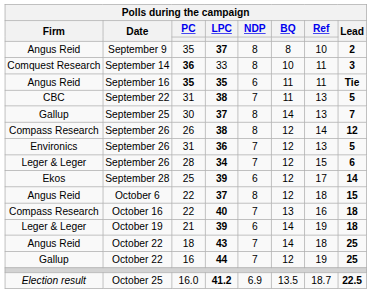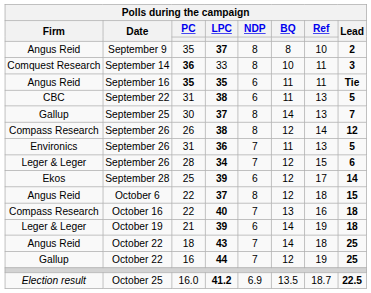 <table class="wikitable sortable" style="float:right;margin:0 15px;text-align:center;font-size:90%;line-height:16px">
 <tr>
 <th colspan=8>Polls during the campaign</th>
 </tr>
 <tr>
 <th rowspan=2>Firm</th>
 <th rowspan=2>Date</th>
 <th class="unsortable" style="width:40px;"><a href='#'>PC</a></th>
 <th class="unsortable" style="width:40px;"><a href='#'>LPC</a></th>
 <th class="unsortable" style="width:40px;"><a href='#'>NDP</a></th>
 <th class="unsortable" style="width:40px;"><a href='#'>BQ</a></th>
 <th class="unsortable" style="width:40px;"><a href='#'>Ref</a></th>
 <th rowspan=2>Lead</th>
 </tr>
 <tr>
 <th style="background:"></th>
 <th style="background:"></th>
 <th style="background:"></th>
 <th style="background:"></th>
 <th style="background:"></th>
 </tr>
 <tr>
 <td>Angus Reid</td>
 <td>September 9</td>
 <td>35</td>
 <td><strong>37</strong></td>
 <td>8</td>
 <td>8</td>
 <td>10</td>
 <td><strong>2</strong></td>
 </tr>
 <tr>
 <td>Comquest Research</td>
 <td>September 14</td>
 <td><strong>36</strong></td>
 <td>33</td>
 <td>8</td>
 <td>10</td>
 <td>11</td>
 <td><strong>3</strong></td>
 </tr>
 <tr>
 <td>Angus Reid</td>
 <td>September 16</td>
 <td><strong>35</strong></td>
 <td><strong>35</strong></td>
 <td>6</td>
 <td>11</td>
 <td>11</td>
 <td><strong>Tie</strong></td>
 </tr>
 <tr>
 <td>CBC</td>
 <td>September 22</td>
 <td>31</td>
 <td><strong>38</strong></td>
-<td>7</td>
+<td>6</td>
 <td>11</td>
 <td>13</td>
 <td><strong>5</strong></td>
 </tr>
 <tr>
 <td>Gallup</td>
 <td>September 25</td>
 <td>30</td>
 <td><strong>37</strong></td>
 <td>8</td>
 <td>14</td>
 <td>13</td>
 <td><strong>7</strong></td>
 </tr>
 <tr>
 <td>Compass Research</td>
 <td>September 26</td>
 <td>26</td>
 <td><strong>38</strong></td>
 <td>8</td>
 <td>12</td>
 <td>14</td>
 <td><strong>12</strong></td>
 </tr>
 <tr>
 <td>Environics</td>
 <td>September 26</td>
 <td>31</td>
 <td><strong>36</strong></td>
 <td>7</td>
-<td>12</td>
+<td>11</td>
 <td>13</td>
 <td><strong>5</strong></td>
 </tr>
 <tr>
 <td>Leger & Leger</td>
 <td>September 26</td>
 <td>28</td>
 <td><strong>34</strong></td>
 <td>7</td>
 <td>12</td>
 <td>15</td>
 <td><strong>6</strong></td>
 </tr>
 <tr>
 <td>Ekos</td>
 <td>September 28</td>
 <td>25</td>
 <td><strong>39</strong></td>
 <td>6</td>
 <td>12</td>
 <td>17</td>
 <td><strong>14</strong></td>
 </tr>
 <tr>
 <td>Angus Reid</td>
 <td>October 6</td>
 <td>22</td>
 <td><strong>37</strong></td>
 <td>8</td>
 <td>12</td>
 <td>18</td>
 <td><strong>15</strong></td>
 </tr>
 <tr>
 <td>Compass Research</td>
 <td>October 16</td>
 <td>22</td>
 <td><strong>40</strong></td>
 <td>7</td>
 <td>13</td>
 <td>16</td>
 <td><strong>18</strong></td>
 </tr>
 <tr>
 <td>Leger & Leger</td>
 <td>October 19</td>
 <td>21</td>
 <td><strong>39</strong></td>
 <td>6</td>
 <td>14</td>
 <td>19</td>
 <td><strong>18</strong></td>
 </tr>
 <tr>
 <td>Angus Reid</td>
 <td>October 22</td>
 <td>18</td>
 <td><strong>43</strong></td>
 <td>7</td>
 <td>14</td>
 <td>18</td>
 <td><strong>25</strong></td>
 </tr>
 <tr>
 <td>Gallup</td>
 <td>October 22</td>
 <td>16</td>
 <td><strong>44</strong></td>
 <td>7</td>
 <td>12</td>
 <td>19</td>
 <td><strong>25</strong></td>
 </tr>
 <tr>
 <td colspan=8 bgcolor=lightgrey></td>
 </tr>
 <tr>
 <td><em>Election result</em></td>
 <td>October 25</td>
 <td>16.0</td>
 <td><strong>41.2</strong></td>
 <td>6.9</td>
 <td>13.5</td>
 <td>18.7</td>
 <td><strong>22.5</strong></td>
 </tr>
 </table>
